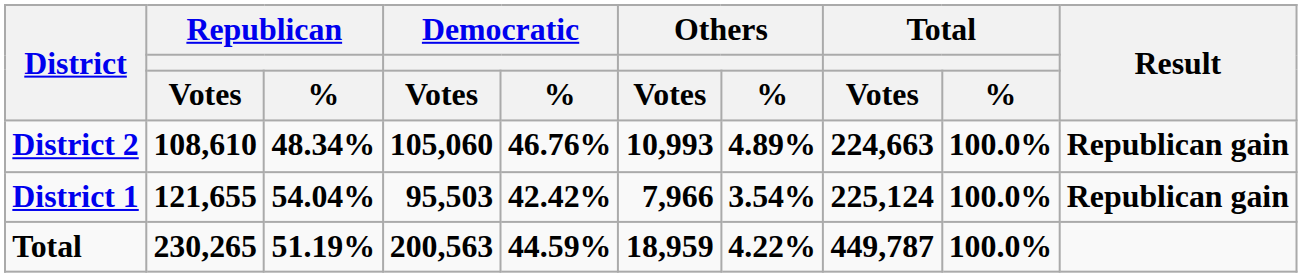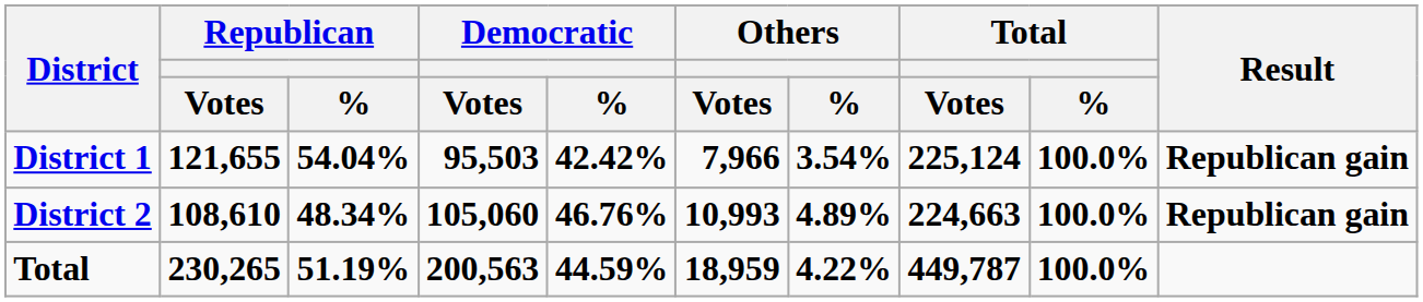 <table class="wikitable plainrowheaders sortable" style="font-size:100%; text-align:right;">
 <tr>
 <th scope=col rowspan=3><a href='#'>District</a></th>
 <th scope=col colspan=2><a href='#'>Republican</a></th>
 <th scope=col colspan=2><a href='#'>Democratic</a></th>
 <th scope=col colspan=2>Others</th>
 <th scope=col colspan=2>Total</th>
 <th scope=col rowspan=3>Result</th>
 </tr>
 <tr>
 <th scope=col colspan=2 style="background:"></th>
 <th scope=col colspan=2 style="background:"></th>
 <th scope=col colspan=2></th>
 <th scope=col colspan=2></th>
 </tr>
 <tr>
 <th scope=col data-sort-type="number">Votes</th>
 <th scope=col data-sort-type="number">%</th>
 <th scope=col data-sort-type="number">Votes</th>
 <th scope=col data-sort-type="number">%</th>
 <th scope=col data-sort-type="number">Votes</th>
 <th scope=col data-sort-type="number">%</th>
 <th scope=col data-sort-type="number">Votes</th>
 <th scope=col data-sort-type="number">%</th>
 </tr>
 <tr>
+<td align=left><strong><a href='#'>District 1</a></strong></td>
+<td><strong>121,655</strong></td>
+<td><strong>54.04%</strong></td>
+<td><strong>95,503</strong></td>
+<td><strong>42.42%</strong></td>
+<td><strong>7,966</strong></td>
+<td><strong>3.54%</strong></td>
+<td><strong>225,124</strong></td>
+<td><strong>100.0%</strong></td>
+<td align=left><strong>Republican gain</strong></td>
+</tr>
+<tr>
 <td align=left><strong><a href='#'>District 2</a></strong></td>
 <td><strong>108,610</strong></td>
 <td><strong>48.34%</strong></td>
 <td><strong>105,060</strong></td>
 <td><strong>46.76%</strong></td>
 <td><strong>10,993</strong></td>
 <td><strong>4.89%</strong></td>
 <td><strong>224,663</strong></td>
-<td><strong>100.0%</strong></td>
-<td align=left><strong>Republican gain</strong></td>
-</tr>
-<tr>
-<td align=left><strong><a href='#'>District 1</a></strong></td>
-<td><strong>121,655</strong></td>
-<td><strong>54.04%</strong></td>
-<td><strong>95,503</strong></td>
-<td><strong>42.42%</strong></td>
-<td><strong>7,966</strong></td>
-<td><strong>3.54%</strong></td>
-<td><strong>225,124</strong></td>
 <td><strong>100.0%</strong></td>
 <td align=left><strong>Republican gain</strong></td>
 </tr>
 <tr class="sortbottom" style="font-weight:bold">
 <td align=left>Total</td>
 <td>230,265</td>
 <td>51.19%</td>
 <td>200,563</td>
 <td>44.59%</td>
 <td>18,959</td>
 <td>4.22%</td>
 <td>449,787</td>
 <td>100.0%</td>
 <td></td>
 </tr>
 </table>
